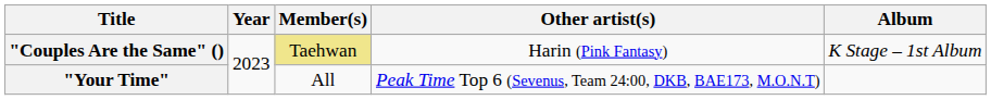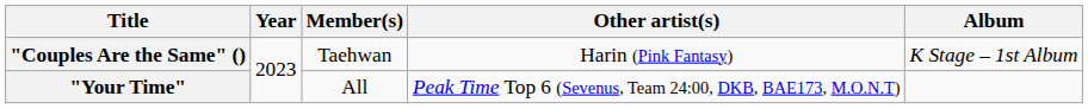 <table class="wikitable plainrowheaders" style="text-align:center">
 <tr>
 <th scope="col">Title</th>
 <th scope="col">Year</th>
 <th>Member(s)</th>
 <th>Other artist(s)</th>
 <th scope="col">Album</th>
 </tr>
 <tr>
 <th scope="row">"Couples Are the Same" ()</th>
 <td rowspan="2">2023</td>
-<td style="background: khaki;">Taehwan</td>
+<td>Taehwan</td>
 <td>Harin <small>(<a href='#'>Pink Fantasy</a>)</small></td>
 <td><em>K Stage – 1st Album</em></td>
 </tr>
 <tr>
 <th scope="row">"Your Time"</th>
 <td>All</td>
 <td><em><a href='#'>Peak Time</a></em> Top 6 <small>(<a href='#'>Sevenus</a>, Team 24:00, <a href='#'>DKB</a>, <a href='#'>BAE173</a>, <a href='#'>M.O.N.T</a>)</small></td>
 <td></td>
 </tr>
 </table>
